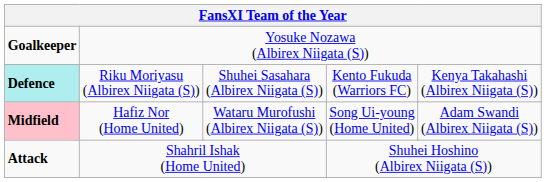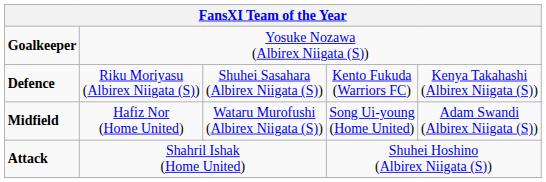 <table class="wikitable">
 <tr>
 <th colspan="13"><a href='#'>FansXI Team of the Year</a></th>
 </tr>
 <tr>
 <td><strong>Goalkeeper</strong></td>
 <td colspan="12" align="center"> <a href='#'>Yosuke Nozawa</a> <br> (<a href='#'>Albirex Niigata (S)</a>)</td>
 </tr>
 <tr>
-<td style="background: paleturquoise;"><strong>Defence</strong></td>
+<td><strong>Defence</strong></td>
 <td colspan="3" align="center"> <a href='#'>Riku Moriyasu</a> <br> (<a href='#'>Albirex Niigata (S)</a>)</td>
 <td colspan="3" align="center"> <a href='#'>Shuhei Sasahara</a> <br> (<a href='#'>Albirex Niigata (S)</a>)</td>
 <td colspan="3" align="center"> <a href='#'>Kento Fukuda</a> <br> (<a href='#'>Warriors FC</a>)</td>
 <td colspan="3" align="center"> <a href='#'>Kenya Takahashi</a> <br> (<a href='#'>Albirex Niigata (S)</a>)</td>
 </tr>
 <tr>
-<td style="background: pink;"><strong>Midfield</strong></td>
+<td><strong>Midfield</strong></td>
 <td colspan="3" align="center"> <a href='#'>Hafiz Nor</a> <br> (<a href='#'>Home United</a>)</td>
 <td colspan="3" align="center"> <a href='#'>Wataru Murofushi</a> <br> (<a href='#'>Albirex Niigata (S)</a>)</td>
 <td colspan="3" align="center"> <a href='#'>Song Ui-young</a> <br> (<a href='#'>Home United</a>)</td>
 <td colspan="3" align="center"> <a href='#'>Adam Swandi</a> <br> (<a href='#'>Albirex Niigata (S)</a>)</td>
 </tr>
 <tr>
 <td><strong>Attack</strong></td>
 <td colspan="6" align="center"> <a href='#'>Shahril Ishak</a> <br> (<a href='#'>Home United</a>)</td>
 <td colspan="6" align="center"> <a href='#'>Shuhei Hoshino</a> <br> (<a href='#'>Albirex Niigata (S)</a>)</td>
 </tr>
 </table>
